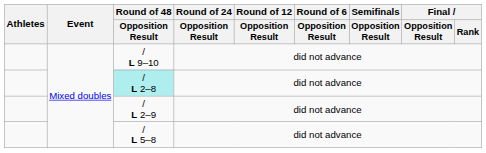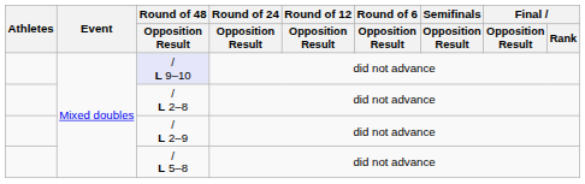 <table class="wikitable" style="font-size:90%; text-align:center;">
 <tr>
 <th rowspan=2>Athletes</th>
 <th rowspan=2>Event</th>
 <th>Round of 48</th>
 <th>Round of 24</th>
 <th>Round of 12</th>
 <th>Round of 6</th>
 <th>Semifinals</th>
 <th colspan=2>Final / </th>
 </tr>
 <tr style="font-size:95%">
 <th>Opposition<br>Result</th>
 <th>Opposition<br>Result</th>
 <th>Opposition<br>Result</th>
 <th>Opposition<br>Result</th>
 <th>Opposition<br>Result</th>
 <th>Opposition<br>Result</th>
 <th>Rank</th>
 </tr>
 <tr>
 <td align=left><br></td>
 <td align=left rowspan=4><a href='#'>Mixed doubles</a></td>
-<td> / <br><strong>L</strong> 9–10</td>
+<td style="background: lavender;"> / <br><strong>L</strong> 9–10</td>
 <td colspan=6>did not advance</td>
 </tr>
 <tr>
 <td align=left><br></td>
-<td style="background: paleturquoise;"> / <br><strong>L</strong> 2–8</td>
+<td> / <br><strong>L</strong> 2–8</td>
 <td colspan=6>did not advance</td>
 </tr>
 <tr>
 <td align=left><br></td>
 <td> / <br><strong>L</strong> 2–9</td>
 <td colspan=6>did not advance</td>
 </tr>
 <tr>
 <td align=left><br></td>
 <td> / <br><strong>L</strong> 5–8</td>
 <td colspan=6>did not advance</td>
 </tr>
 </table>
